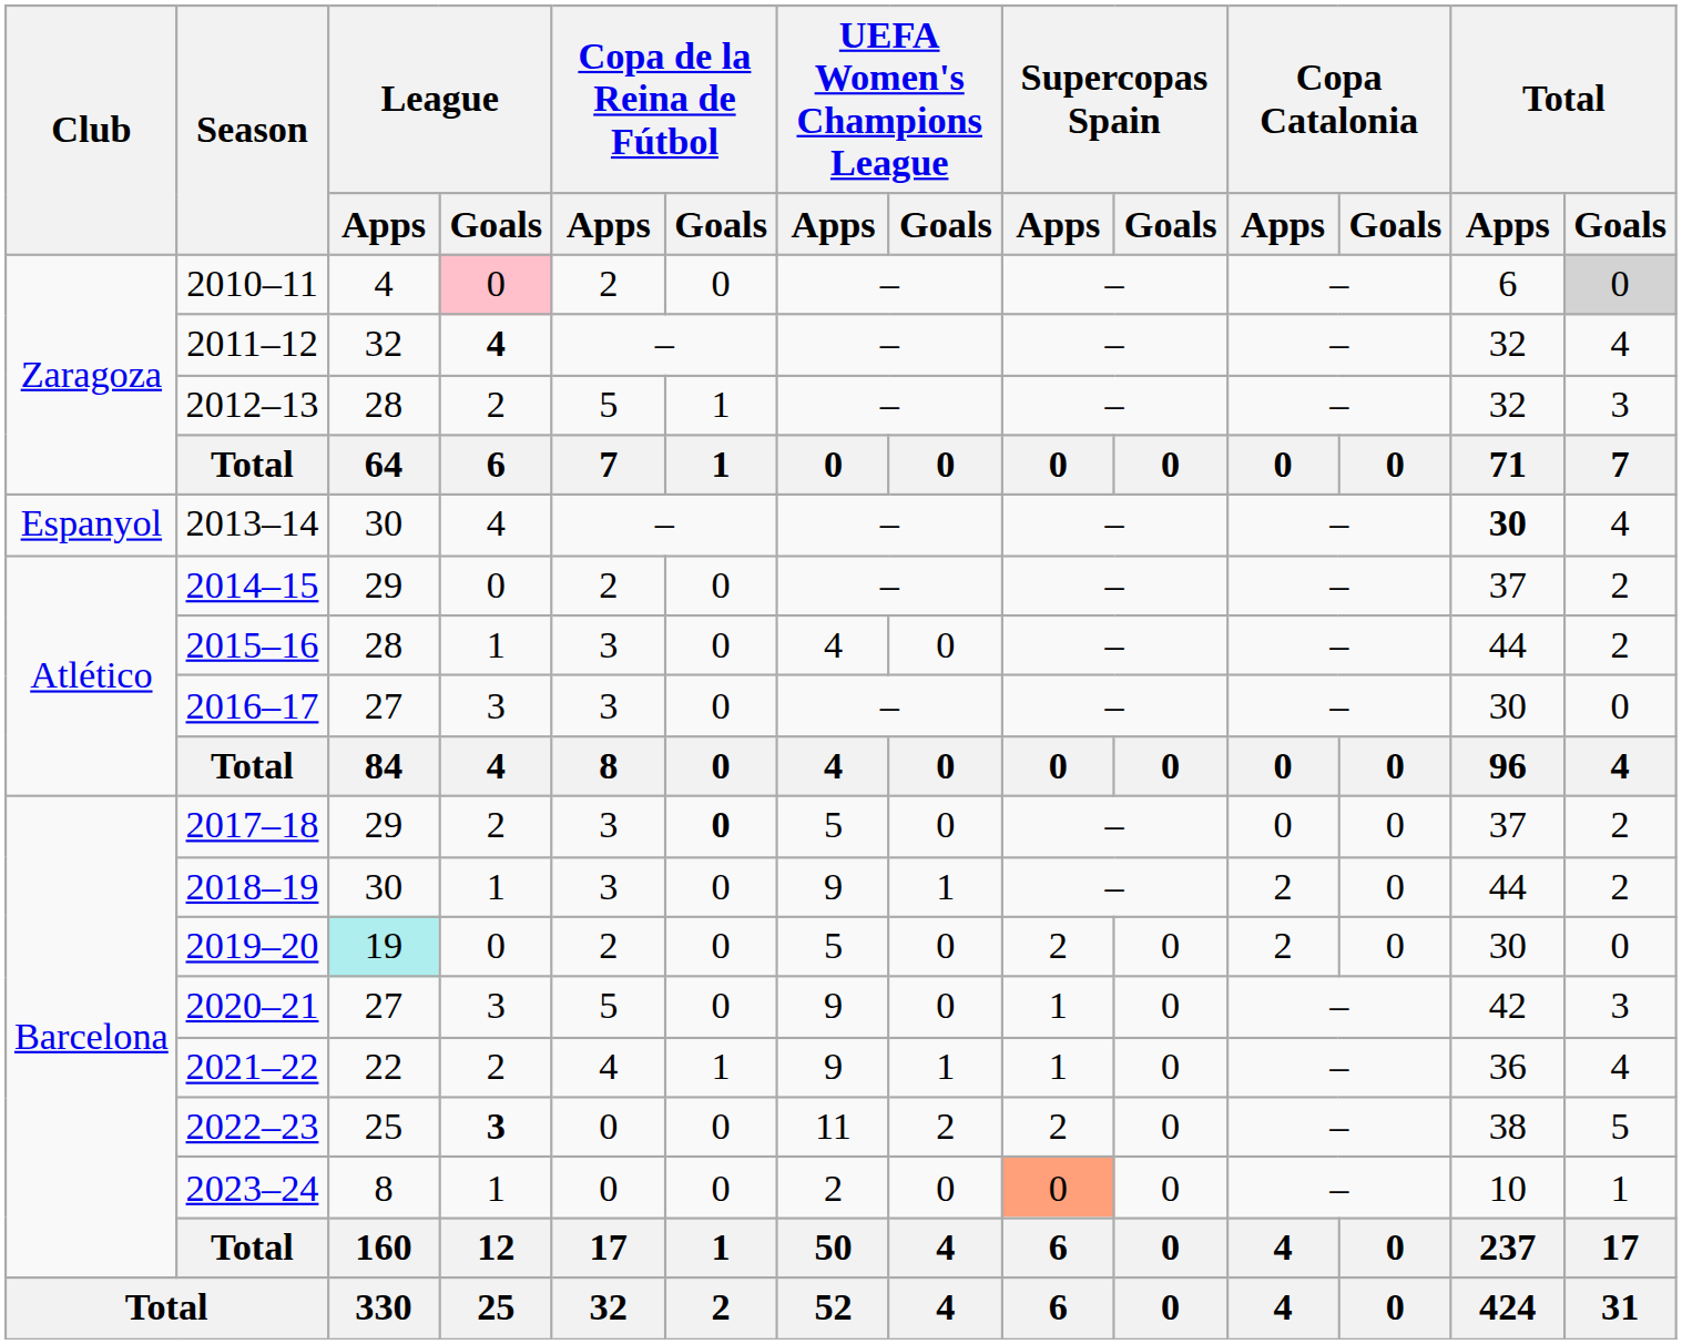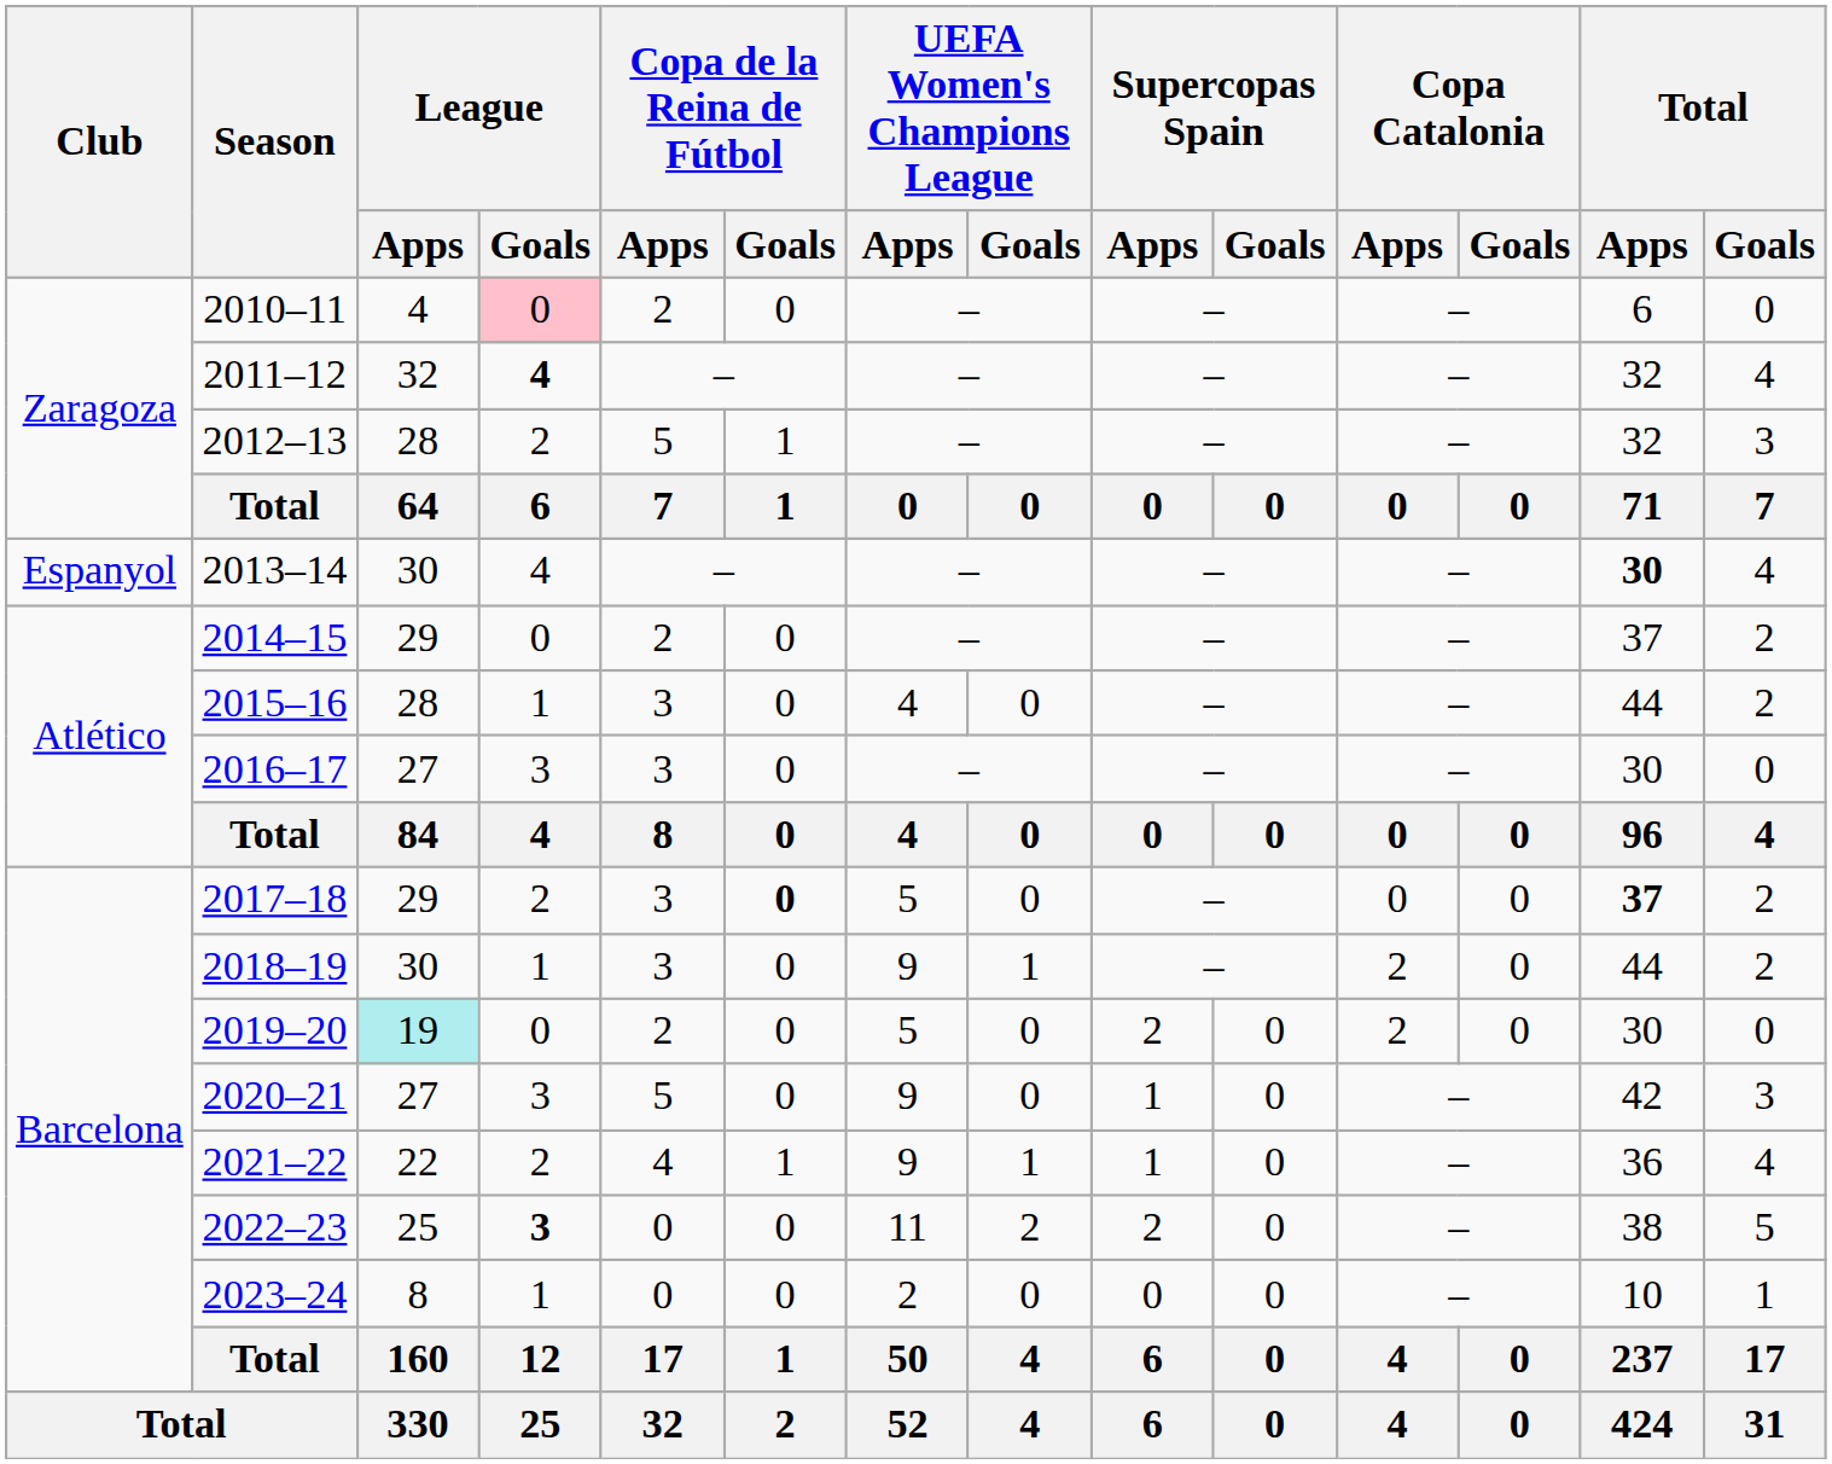 <table class="wikitable" style="text-align:center">
 <tr>
 <th rowspan="2">Club</th>
 <th rowspan="2">Season</th>
 <th colspan="2">League</th>
 <th colspan="2"><a href='#'>Copa de la Reina de Fútbol</a></th>
 <th colspan="2"><a href='#'>UEFA Women's Champions League</a></th>
 <th colspan="2">Supercopas<br>Spain</th>
 <th colspan="2">Copa<br>Catalonia</th>
 <th colspan="2">Total</th>
 </tr>
 <tr>
 <th width="40">Apps</th>
 <th width="40">Goals</th>
 <th width="40">Apps</th>
 <th width="40">Goals</th>
 <th width="40">Apps</th>
 <th width="40">Goals</th>
 <th width="40">Apps</th>
 <th width="40">Goals</th>
 <th width="40">Apps</th>
 <th width="40">Goals</th>
 <th width="40">Apps</th>
 <th width="40">Goals</th>
 </tr>
 <tr>
 <td rowspan="4"><a href='#'>Zaragoza</a></td>
 <td>2010–11</td>
 <td>4</td>
 <td style="background: pink;">0</td>
 <td>2</td>
 <td>0</td>
 <td colspan="2">–</td>
 <td colspan="2">–</td>
 <td colspan="2">–</td>
 <td>6</td>
-<td style="background: lightgrey;">0</td>
+<td>0</td>
 </tr>
 <tr>
 <td>2011–12</td>
 <td>32</td>
 <td><strong>4</strong></td>
 <td colspan="2">–</td>
 <td colspan="2">–</td>
 <td colspan="2">–</td>
 <td colspan="2">–</td>
 <td>32</td>
 <td>4</td>
 </tr>
 <tr>
 <td>2012–13</td>
 <td>28</td>
 <td>2</td>
 <td>5</td>
 <td>1</td>
 <td colspan="2">–</td>
 <td colspan="2">–</td>
 <td colspan="2">–</td>
 <td>32</td>
 <td>3</td>
 </tr>
 <tr>
 <th>Total</th>
 <th>64</th>
 <th>6</th>
 <th>7</th>
 <th>1</th>
 <th>0</th>
 <th>0</th>
 <th>0</th>
 <th>0</th>
 <th>0</th>
 <th>0</th>
 <th>71</th>
 <th>7</th>
 </tr>
 <tr>
 <td><a href='#'>Espanyol</a></td>
 <td>2013–14</td>
 <td>30</td>
 <td>4</td>
 <td colspan="2">–</td>
 <td colspan="2">–</td>
 <td colspan="2">–</td>
 <td colspan="2">–</td>
 <td><strong>30</strong></td>
 <td>4</td>
 </tr>
 <tr>
 <td rowspan="4"><a href='#'>Atlético</a></td>
 <td><a href='#'>2014–15</a></td>
 <td>29</td>
 <td>0</td>
 <td>2</td>
 <td>0</td>
 <td colspan="2">–</td>
 <td colspan="2">–</td>
 <td colspan="2">–</td>
 <td>37</td>
 <td>2</td>
 </tr>
 <tr>
 <td><a href='#'>2015–16</a></td>
 <td>28</td>
 <td>1</td>
 <td>3</td>
 <td>0</td>
 <td>4</td>
 <td>0</td>
 <td colspan="2">–</td>
 <td colspan="2">–</td>
 <td>44</td>
 <td>2</td>
 </tr>
 <tr>
 <td><a href='#'>2016–17</a></td>
 <td>27</td>
 <td>3</td>
 <td>3</td>
 <td>0</td>
 <td colspan="2">–</td>
 <td colspan="2">–</td>
 <td colspan="2">–</td>
 <td>30</td>
 <td>0</td>
 </tr>
 <tr>
 <th>Total</th>
 <th>84</th>
 <th>4</th>
 <th>8</th>
 <th>0</th>
 <th>4</th>
 <th>0</th>
 <th>0</th>
 <th>0</th>
 <th>0</th>
 <th>0</th>
 <th>96</th>
 <th>4</th>
 </tr>
 <tr>
 <td rowspan="8"><a href='#'>Barcelona</a></td>
 <td><a href='#'>2017–18</a></td>
 <td>29</td>
 <td>2</td>
 <td>3</td>
 <td><strong>0</strong></td>
 <td>5</td>
 <td>0</td>
 <td colspan="2">–</td>
 <td>0</td>
 <td>0</td>
-<td>37</td>
+<td><strong>37</strong></td>
 <td>2</td>
 </tr>
 <tr>
 <td><a href='#'>2018–19</a></td>
 <td>30</td>
 <td>1</td>
 <td>3</td>
 <td>0</td>
 <td>9</td>
 <td>1</td>
 <td colspan="2">–</td>
 <td>2</td>
 <td>0</td>
 <td>44</td>
 <td>2</td>
 </tr>
 <tr>
 <td><a href='#'>2019–20</a></td>
 <td style="background: paleturquoise;">19</td>
 <td>0</td>
 <td>2</td>
 <td>0</td>
 <td>5</td>
 <td>0</td>
 <td>2</td>
 <td>0</td>
 <td>2</td>
 <td>0</td>
 <td>30</td>
 <td>0</td>
 </tr>
 <tr>
 <td><a href='#'>2020–21</a></td>
 <td>27</td>
 <td>3</td>
 <td>5</td>
 <td>0</td>
 <td>9</td>
 <td>0</td>
 <td>1</td>
 <td>0</td>
 <td colspan="2">–</td>
 <td>42</td>
 <td>3</td>
 </tr>
 <tr>
 <td><a href='#'>2021–22</a></td>
 <td>22</td>
 <td>2</td>
 <td>4</td>
 <td>1</td>
 <td>9</td>
 <td>1</td>
 <td>1</td>
 <td>0</td>
 <td colspan="2">–</td>
 <td>36</td>
 <td>4</td>
 </tr>
 <tr>
 <td><a href='#'>2022–23</a></td>
 <td>25</td>
 <td><strong>3</strong></td>
 <td>0</td>
 <td>0</td>
 <td>11</td>
 <td>2</td>
 <td>2</td>
 <td>0</td>
 <td colspan="2">–</td>
 <td>38</td>
 <td>5</td>
 </tr>
 <tr>
 <td><a href='#'>2023–24</a></td>
 <td>8</td>
 <td>1</td>
 <td>0</td>
 <td>0</td>
 <td>2</td>
 <td>0</td>
-<td style="background: lightsalmon;">0</td>
+<td>0</td>
 <td>0</td>
 <td colspan="2">–</td>
 <td>10</td>
 <td>1</td>
 </tr>
 <tr>
 <th>Total</th>
 <th>160</th>
 <th>12</th>
 <th>17</th>
 <th>1</th>
 <th>50</th>
 <th>4</th>
 <th>6</th>
 <th>0</th>
 <th>4</th>
 <th>0</th>
 <th>237</th>
 <th>17</th>
 </tr>
 <tr>
 <th colspan="2">Total</th>
 <th>330</th>
 <th>25</th>
 <th>32</th>
 <th>2</th>
 <th>52</th>
 <th>4</th>
 <th>6</th>
 <th>0</th>
 <th>4</th>
 <th>0</th>
 <th>424</th>
 <th>31</th>
 </tr>
 </table>
